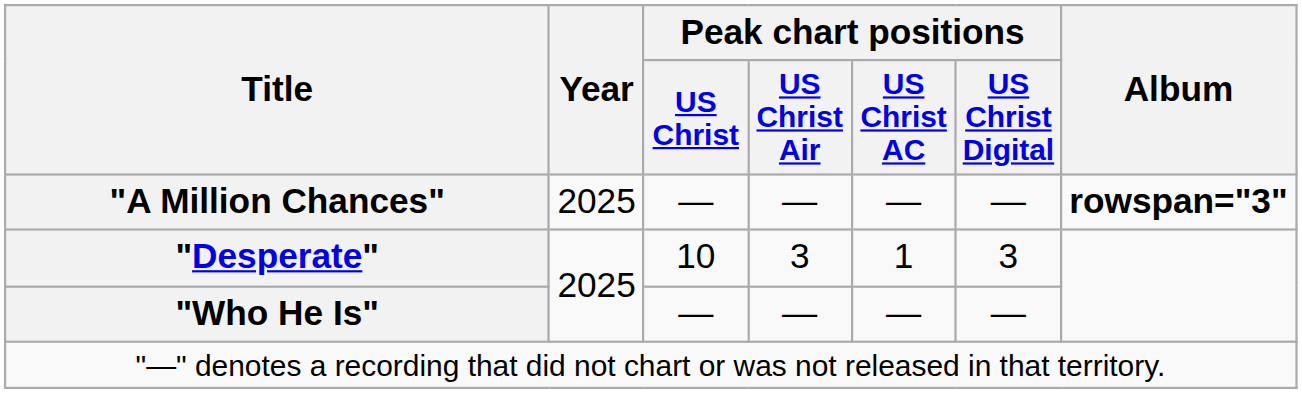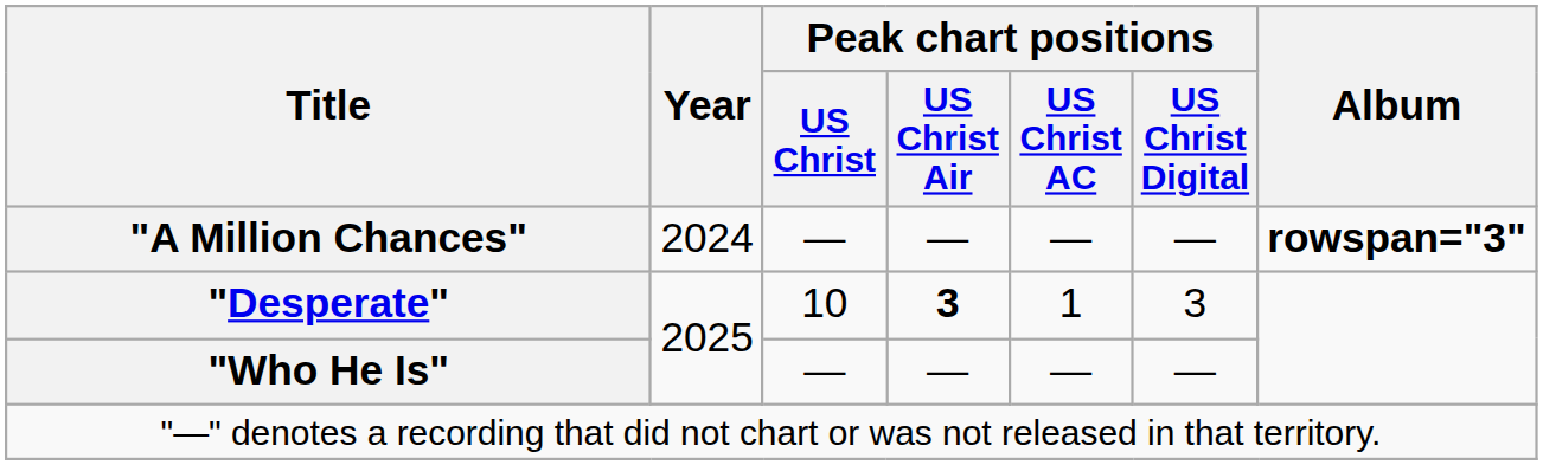 <table class="wikitable plainrowheaders" style="text-align:center;">
 <tr>
 <th rowspan="2" scope="col" style="width:15em;">Title</th>
 <th rowspan="2">Year</th>
 <th colspan="4">Peak chart positions</th>
 <th rowspan="2">Album</th>
 </tr>
 <tr>
 <th scope="col" style="width:3em;font-size:85%;"><a href='#'>US<br>Christ</a><br></th>
 <th scope="col" style="width:3em;font-size:85%;"><a href='#'>US<br>Christ<br>Air</a><br></th>
 <th scope="col" style="width:3em;font-size:85%;"><a href='#'>US<br>Christ<br>AC</a><br></th>
 <th scope="col" style="width:3em;font-size:85%;"><a href='#'>US<br>Christ<br>Digital</a><br></th>
 </tr>
 <tr>
 <th scope="row">"A Million Chances"</th>
-<td>2025</td>
+<td>2024</td>
 <td>—</td>
 <td>—</td>
 <td>—</td>
 <td>—</td>
 <td><strong>rowspan="3" </strong></td>
 </tr>
 <tr>
 <th scope="row">"<a href='#'>Desperate</a>"</th>
 <td rowspan="2">2025</td>
 <td>10</td>
-<td>3</td>
+<td><strong>3</strong></td>
 <td>1</td>
 <td>3</td>
 </tr>
 <tr>
 <th scope="row">"Who He Is"</th>
 <td>—</td>
 <td>—</td>
 <td>—</td>
 <td>—</td>
 </tr>
 <tr>
 <td colspan="13" style="font-size:85%">"—" denotes a recording that did not chart or was not released in that territory.</td>
 </tr>
 </table>
